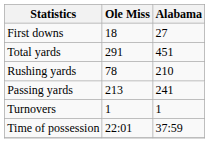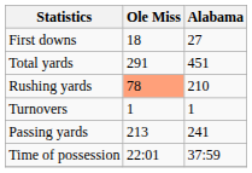 <table class="wikitable" style="float: left;">
 <tr>
 <th>Statistics</th>
 <th>Ole Miss</th>
 <th>Alabama</th>
 </tr>
 <tr>
 <td>First downs</td>
 <td>18</td>
 <td>27</td>
 </tr>
 <tr>
 <td>Total yards</td>
 <td>291</td>
 <td>451</td>
 </tr>
 <tr>
 <td>Rushing yards</td>
-<td>78</td>
+<td style="background: lightsalmon;">78</td>
 <td>210</td>
+</tr>
+<tr>
+<td>Turnovers</td>
+<td>1</td>
+<td>1</td>
 </tr>
 <tr>
 <td>Passing yards</td>
 <td>213</td>
 <td>241</td>
-</tr>
-<tr>
-<td>Turnovers</td>
-<td>1</td>
-<td>1</td>
 </tr>
 <tr>
 <td>Time of possession</td>
 <td>22:01</td>
 <td>37:59</td>
 </tr>
 <tr>
 </tr>
 </table>
